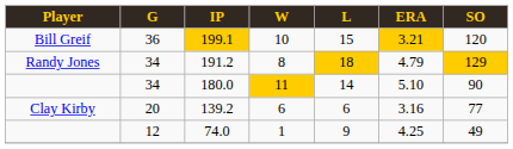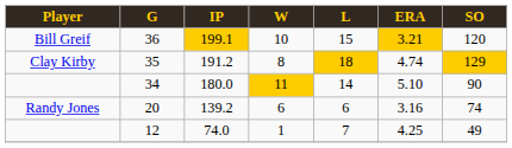 <table class="wikitable sortable">
 <tr>
 <th style="background:#312821; color:#FFCC00" width="16%">Player</th>
 <th style="background:#312821; color:#FFCC00" width="9%">G</th>
 <th style="background:#312821; color:#FFCC00" width="9%">IP</th>
 <th style="background:#312821; color:#FFCC00" width="9%">W</th>
 <th style="background:#312821; color:#FFCC00" width="9%">L</th>
 <th style="background:#312821; color:#FFCC00" width="9%">ERA</th>
 <th style="background:#312821; color:#FFCC00" width="9%">SO</th>
 </tr>
 <tr align="center">
 <td><a href='#'>Bill Greif</a></td>
 <td>36</td>
 <td bgcolor="#FFCC00">199.1</td>
 <td>10</td>
 <td>15</td>
 <td bgcolor="#FFCC00">3.21</td>
 <td>120</td>
 </tr>
 <tr align=center>
-<td><a href='#'>Randy Jones</a></td>
-<td>34</td>
+<td><a href='#'>Clay Kirby</a></td>
+<td>35</td>
 <td>191.2</td>
 <td>8</td>
 <td bgcolor="#FFCC00">18</td>
-<td>4.79</td>
+<td>4.74</td>
 <td bgcolor="#FFCC00">129</td>
 </tr>
 <tr align=center>
 <td></td>
 <td>34</td>
 <td>180.0</td>
 <td bgcolor="#FFCC00">11</td>
 <td>14</td>
 <td>5.10</td>
 <td>90</td>
 </tr>
 <tr align="center">
-<td><a href='#'>Clay Kirby</a></td>
+<td><a href='#'>Randy Jones</a></td>
 <td>20</td>
 <td>139.2</td>
 <td>6</td>
 <td>6</td>
 <td>3.16</td>
-<td>77</td>
+<td>74</td>
 </tr>
 <tr align=center>
 <td></td>
 <td>12</td>
 <td>74.0</td>
 <td>1</td>
-<td>9</td>
+<td>7</td>
 <td>4.25</td>
 <td>49</td>
 </tr>
 <tr align="center">
 </tr>
 </table>
